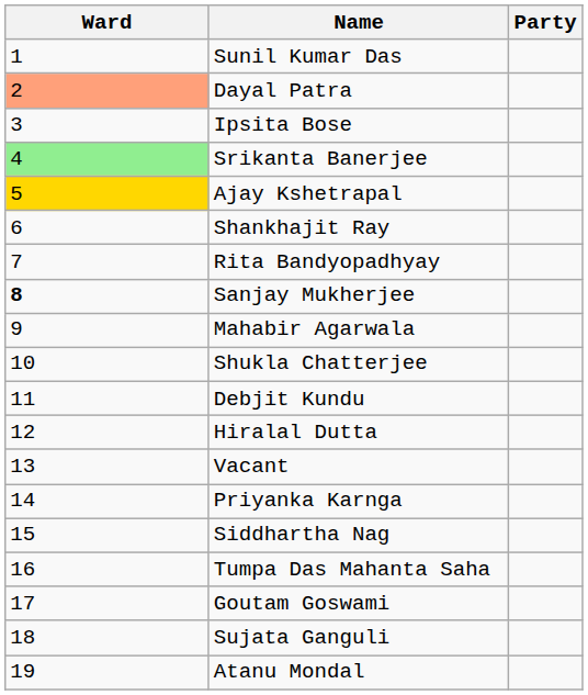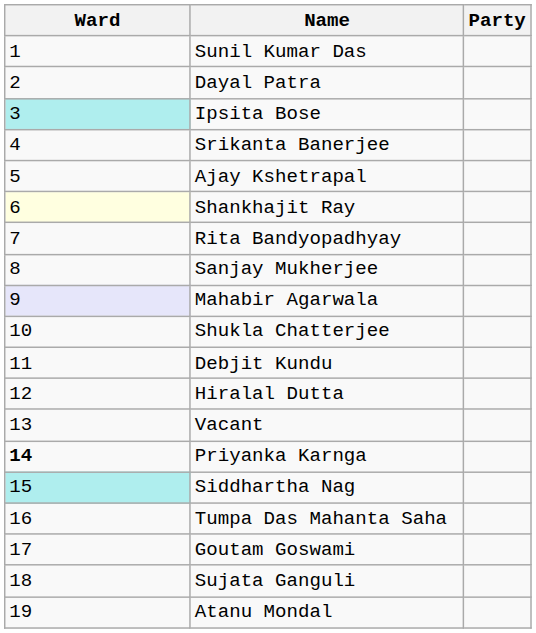 <table class="wikitable sortable">
 <tr>
 <th style="width:120px">Ward</th>
 <th style="width:180px">Name</th>
 <th colspan=2>Party</th>
 </tr>
 <tr>
 <td>1</td>
 <td>Sunil Kumar Das</td>
 <td></td>
 </tr>
 <tr>
-<td style="background: lightsalmon;">2</td>
+<td>2</td>
 <td>Dayal Patra</td>
 <td></td>
 </tr>
 <tr>
-<td>3</td>
+<td style="background: paleturquoise;">3</td>
 <td>Ipsita Bose</td>
 <td></td>
 </tr>
 <tr>
-<td style="background: lightgreen;">4</td>
+<td>4</td>
 <td>Srikanta Banerjee</td>
 <td></td>
 </tr>
 <tr>
-<td style="background: gold;">5</td>
+<td>5</td>
 <td>Ajay Kshetrapal</td>
 <td></td>
 </tr>
 <tr>
-<td>6</td>
+<td style="background: lightyellow;">6</td>
 <td>Shankhajit Ray</td>
 <td></td>
 </tr>
 <tr>
 <td>7</td>
 <td>Rita Bandyopadhyay</td>
 <td></td>
 </tr>
 <tr>
-<td><strong>8</strong></td>
+<td>8</td>
 <td>Sanjay Mukherjee</td>
 <td></td>
 </tr>
 <tr>
-<td>9</td>
+<td style="background: lavender;">9</td>
 <td>Mahabir Agarwala</td>
 <td></td>
 </tr>
 <tr>
 <td>10</td>
 <td>Shukla Chatterjee</td>
 <td></td>
 </tr>
 <tr>
 <td>11</td>
 <td>Debjit Kundu</td>
 <td></td>
 </tr>
 <tr>
 <td>12</td>
 <td>Hiralal Dutta</td>
 <td></td>
 </tr>
 <tr>
 <td>13</td>
 <td>Vacant</td>
 <td></td>
 </tr>
 <tr>
-<td>14</td>
+<td><strong>14</strong></td>
 <td>Priyanka Karnga</td>
 <td></td>
 </tr>
 <tr>
-<td>15</td>
+<td style="background: paleturquoise;">15</td>
 <td>Siddhartha Nag</td>
 <td></td>
 </tr>
 <tr>
 <td>16</td>
 <td>Tumpa Das Mahanta Saha</td>
 <td></td>
 </tr>
 <tr>
 <td>17</td>
 <td>Goutam Goswami</td>
 <td></td>
 </tr>
 <tr>
 <td>18</td>
 <td>Sujata Ganguli</td>
 <td></td>
 </tr>
 <tr>
 <td>19</td>
 <td>Atanu Mondal</td>
 <td></td>
 </tr>
 </table>
